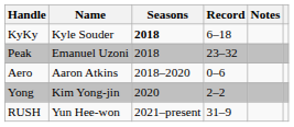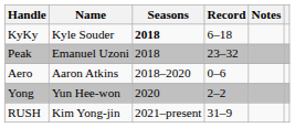 <table class="wikitable">
 <tr>
 <th style="background:#">Handle</th>
 <th style="background:#">Name</th>
 <th style="background:#">Seasons</th>
 <th style="background:#">Record</th>
 <th style="background:#">Notes</th>
 <th style="background:#"></th>
 </tr>
 <tr>
 <td>KyKy</td>
 <td>Kyle Souder</td>
 <td><strong>2018</strong></td>
 <td>6–18 </td>
 <td></td>
 <td></td>
 </tr>
 <tr style="background:silver;">
 <td>Peak</td>
 <td>Emanuel Uzoni</td>
 <td>2018</td>
 <td>23–32 </td>
 <td></td>
 <td></td>
 </tr>
 <tr>
 <td>Aero</td>
 <td>Aaron Atkins</td>
 <td>2018–2020</td>
 <td>0–6 </td>
 <td></td>
 <td></td>
 </tr>
 <tr style="background:silver;">
 <td>Yong</td>
-<td>Kim Yong-jin</td>
+<td>Yun Hee-won</td>
 <td>2020</td>
 <td>2–2 </td>
 <td></td>
 <td></td>
 </tr>
 <tr>
 <td>RUSH</td>
-<td>Yun Hee-won</td>
+<td>Kim Yong-jin</td>
 <td>2021–present</td>
 <td>31–9 </td>
 <td></td>
 <td></td>
 </tr>
 </table>
